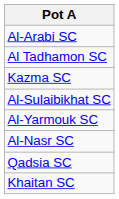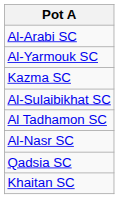 <table class="wikitable">
 <tr>
 <th>Pot A</th>
 </tr>
 <tr>
 <td><a href='#'>Al-Arabi SC</a></td>
 </tr>
 <tr>
-<td><a href='#'>Al Tadhamon SC</a></td>
+<td><a href='#'>Al-Yarmouk SC</a></td>
 </tr>
 <tr>
 <td><a href='#'>Kazma SC</a></td>
 </tr>
 <tr>
 <td><a href='#'>Al-Sulaibikhat SC</a></td>
 </tr>
 <tr>
-<td><a href='#'>Al-Yarmouk SC</a></td>
+<td><a href='#'>Al Tadhamon SC</a></td>
 </tr>
 <tr>
 <td><a href='#'>Al-Nasr SC</a></td>
 </tr>
 <tr>
 <td><a href='#'>Qadsia SC</a></td>
 </tr>
 <tr>
 <td><a href='#'>Khaitan SC</a></td>
 </tr>
 </table>
